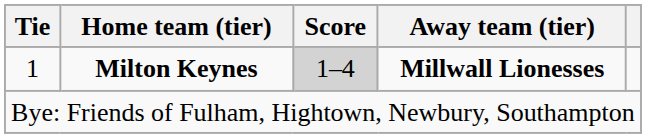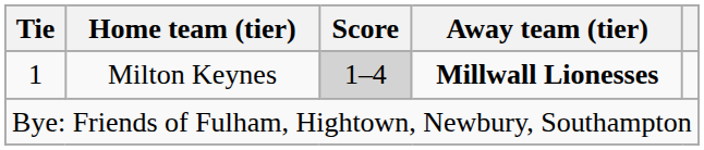 <table class="wikitable" style="text-align:center; font-size:85%">
 <tr>
 <th>Tie</th>
 <th>Home team (tier)</th>
 <th>Score</th>
 <th>Away team (tier)</th>
 <th></th>
 </tr>
 <tr>
 <td align="center">1</td>
-<td><strong>Milton Keynes</strong></td>
+<td>Milton Keynes</td>
 <td align="center" style="background: lightgrey;">1–4</td>
 <td><strong>Millwall Lionesses</strong></td>
 <td></td>
 </tr>
 <tr>
 <td colspan="5" align="center">Bye: Friends of Fulham, Hightown, Newbury, Southampton</td>
 </tr>
 </table>
